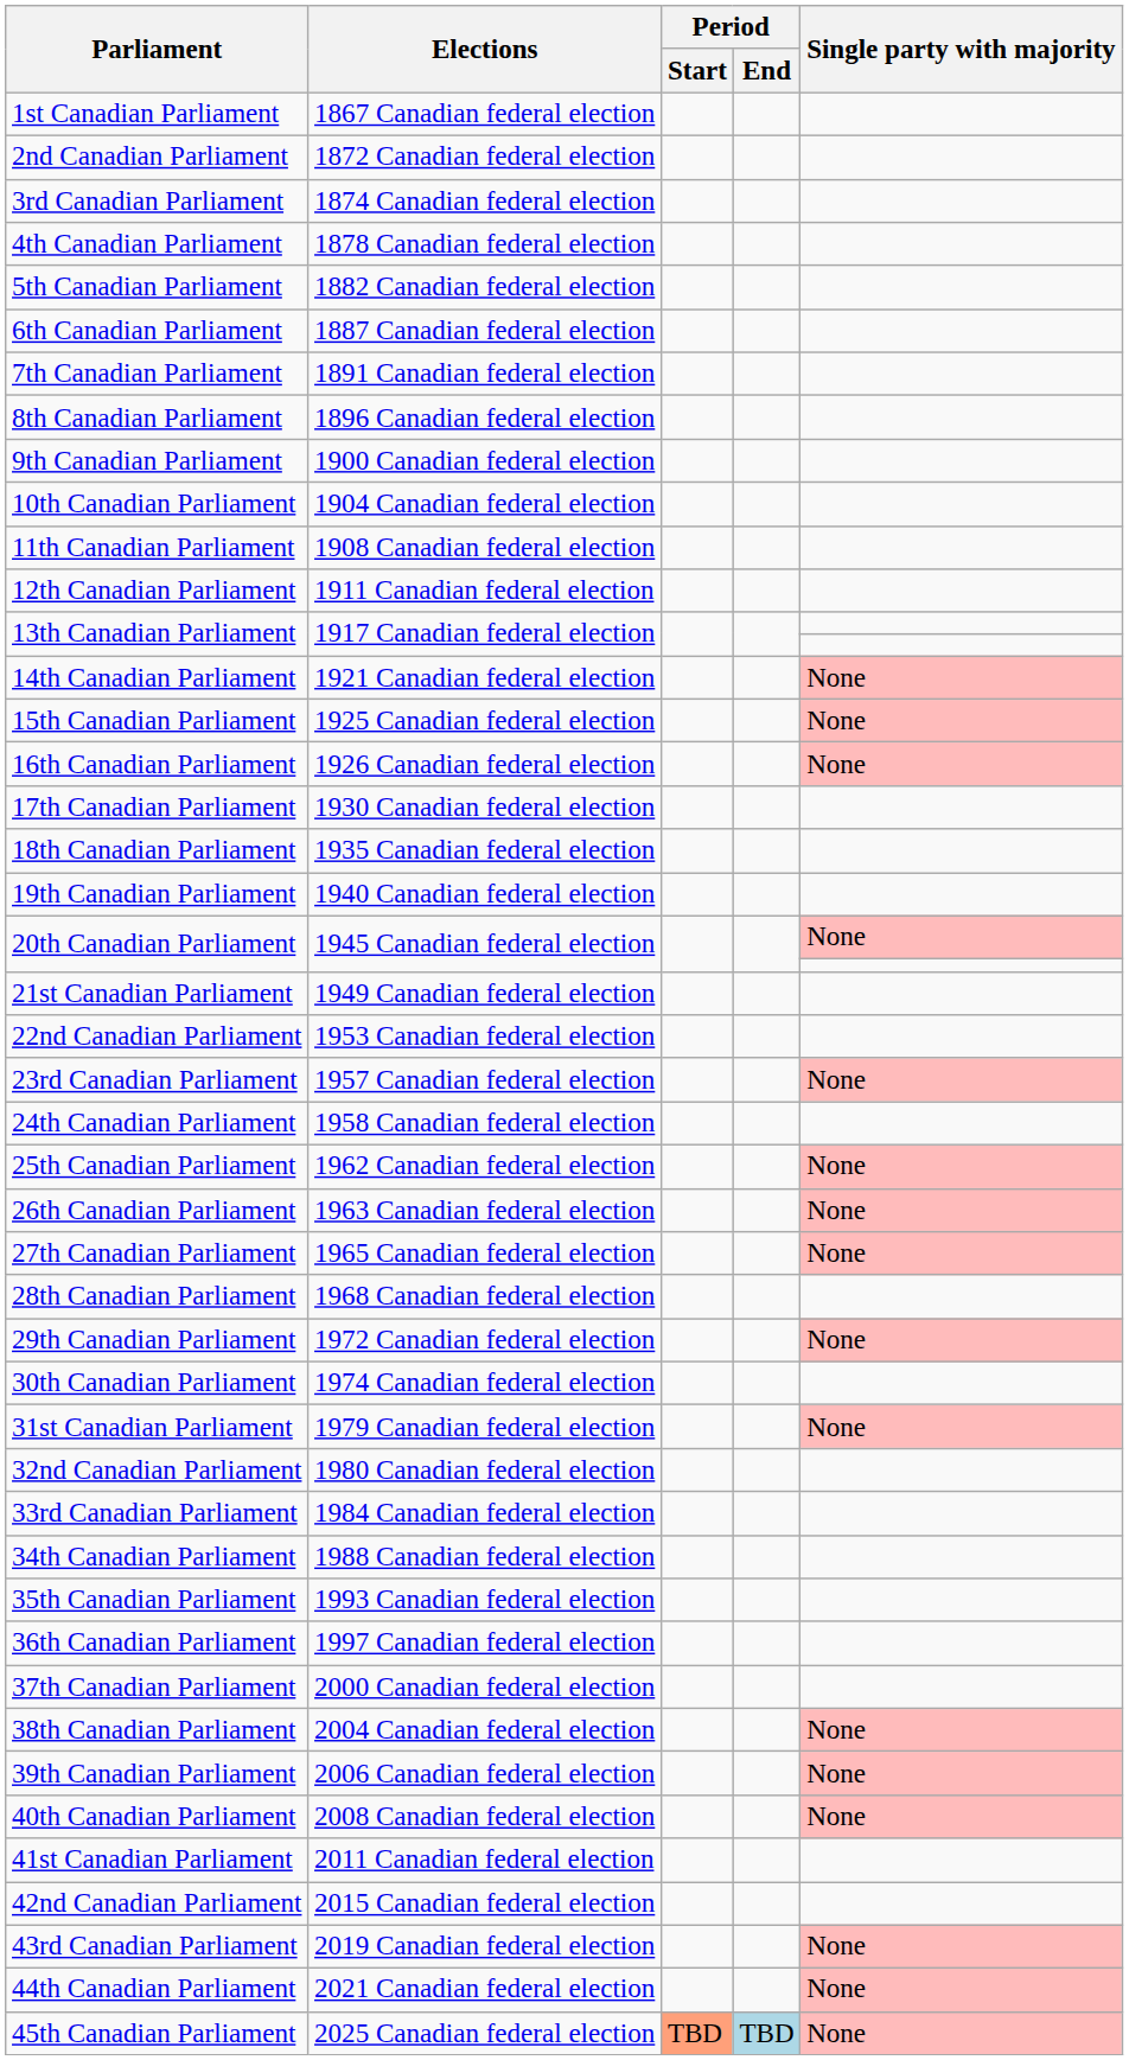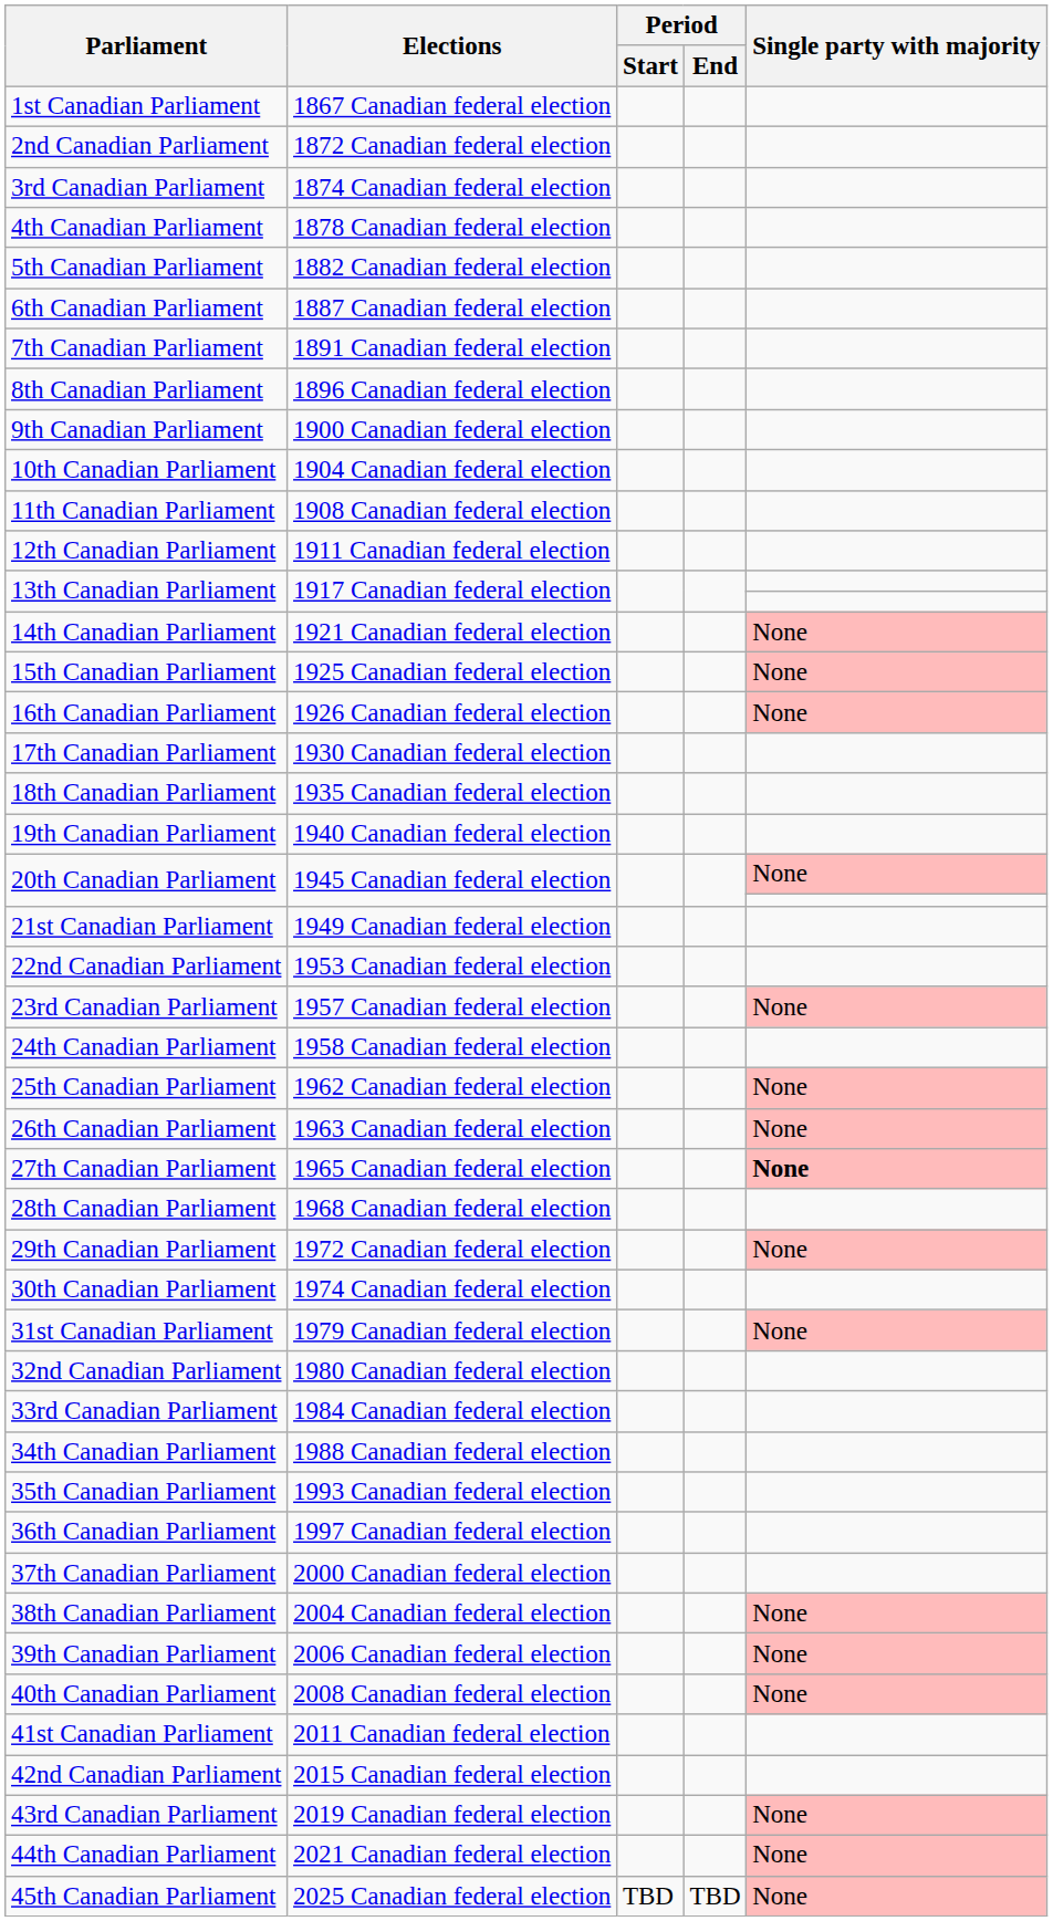 <table class = "wikitable mw-collapsible mw-collapsed">
 <tr>
 <th rowspan = "2">Parliament</th>
 <th rowspan = "2">Elections</th>
 <th colspan = "2">Period</th>
 <th rowspan = "2">Single party with majority</th>
 </tr>
 <tr>
 <th>Start</th>
 <th>End</th>
 </tr>
 <tr>
 <td><a href='#'>1st Canadian Parliament</a></td>
 <td><a href='#'>1867 Canadian federal election</a></td>
 <td></td>
 <td></td>
 <td style="background:"></td>
 </tr>
 <tr>
 <td><a href='#'>2nd Canadian Parliament</a></td>
 <td><a href='#'>1872 Canadian federal election</a></td>
 <td></td>
 <td></td>
 <td style="background:"></td>
 </tr>
 <tr>
 <td><a href='#'>3rd Canadian Parliament</a></td>
 <td><a href='#'>1874 Canadian federal election</a></td>
 <td></td>
 <td></td>
 <td style="background:"></td>
 </tr>
 <tr>
 <td><a href='#'>4th Canadian Parliament</a></td>
 <td><a href='#'>1878 Canadian federal election</a></td>
 <td></td>
 <td></td>
 <td style="background:"></td>
 </tr>
 <tr>
 <td><a href='#'>5th Canadian Parliament</a></td>
 <td><a href='#'>1882 Canadian federal election</a></td>
 <td></td>
 <td></td>
 <td style="background:"></td>
 </tr>
 <tr>
 <td><a href='#'>6th Canadian Parliament</a></td>
 <td><a href='#'>1887 Canadian federal election</a></td>
 <td></td>
 <td></td>
 <td style="background:"></td>
 </tr>
 <tr>
 <td><a href='#'>7th Canadian Parliament</a></td>
 <td><a href='#'>1891 Canadian federal election</a></td>
 <td></td>
 <td></td>
 <td style="background:"></td>
 </tr>
 <tr>
 <td><a href='#'>8th Canadian Parliament</a></td>
 <td><a href='#'>1896 Canadian federal election</a></td>
 <td></td>
 <td></td>
 <td style="background:"></td>
 </tr>
 <tr>
 <td><a href='#'>9th Canadian Parliament</a></td>
 <td><a href='#'>1900 Canadian federal election</a></td>
 <td></td>
 <td></td>
 <td style="background:"></td>
 </tr>
 <tr>
 <td><a href='#'>10th Canadian Parliament</a></td>
 <td><a href='#'>1904 Canadian federal election</a></td>
 <td></td>
 <td></td>
 <td style="background:"></td>
 </tr>
 <tr>
 <td><a href='#'>11th Canadian Parliament</a></td>
 <td><a href='#'>1908 Canadian federal election</a></td>
 <td></td>
 <td></td>
 <td style="background:"></td>
 </tr>
 <tr>
 <td><a href='#'>12th Canadian Parliament</a></td>
 <td><a href='#'>1911 Canadian federal election</a></td>
 <td></td>
 <td></td>
 <td style="background:"></td>
 </tr>
 <tr>
 <td rowspan=2><a href='#'>13th Canadian Parliament</a></td>
 <td rowspan=2><a href='#'>1917 Canadian federal election</a></td>
 <td rowspan=2></td>
 <td rowspan=2></td>
 <td style="background:"></td>
 </tr>
 <tr>
 <td style="background:"></td>
 </tr>
 <tr>
 <td><a href='#'>14th Canadian Parliament</a></td>
 <td><a href='#'>1921 Canadian federal election</a></td>
 <td></td>
 <td></td>
 <td style="background:#ffbbbb;">None</td>
 </tr>
 <tr>
 <td><a href='#'>15th Canadian Parliament</a></td>
 <td><a href='#'>1925 Canadian federal election</a></td>
 <td></td>
 <td></td>
 <td style="background:#ffbbbb;">None</td>
 </tr>
 <tr>
 <td><a href='#'>16th Canadian Parliament</a></td>
 <td><a href='#'>1926 Canadian federal election</a></td>
 <td></td>
 <td></td>
 <td style="background:#ffbbbb;">None</td>
 </tr>
 <tr>
 <td><a href='#'>17th Canadian Parliament</a></td>
 <td><a href='#'>1930 Canadian federal election</a></td>
 <td></td>
 <td></td>
 <td style="background:"></td>
 </tr>
 <tr>
 <td><a href='#'>18th Canadian Parliament</a></td>
 <td><a href='#'>1935 Canadian federal election</a></td>
 <td></td>
 <td></td>
 <td style="background:"></td>
 </tr>
 <tr>
 <td><a href='#'>19th Canadian Parliament</a></td>
 <td><a href='#'>1940 Canadian federal election</a></td>
 <td></td>
 <td></td>
 <td style="background:"></td>
 </tr>
 <tr>
 <td rowspan=2><a href='#'>20th Canadian Parliament</a></td>
 <td rowspan=2><a href='#'>1945 Canadian federal election</a></td>
 <td rowspan=2></td>
 <td rowspan=2></td>
 <td style="background:#ffbbbb;">None</td>
 </tr>
 <tr>
 <td style="background:"></td>
 </tr>
 <tr>
 <td><a href='#'>21st Canadian Parliament</a></td>
 <td><a href='#'>1949 Canadian federal election</a></td>
 <td></td>
 <td></td>
 <td style="background:"></td>
 </tr>
 <tr>
 <td><a href='#'>22nd Canadian Parliament</a></td>
 <td><a href='#'>1953 Canadian federal election</a></td>
 <td></td>
 <td></td>
 <td style="background:"></td>
 </tr>
 <tr>
 <td><a href='#'>23rd Canadian Parliament</a></td>
 <td><a href='#'>1957 Canadian federal election</a></td>
 <td></td>
 <td></td>
 <td style="background:#ffbbbb;">None</td>
 </tr>
 <tr>
 <td><a href='#'>24th Canadian Parliament</a></td>
 <td><a href='#'>1958 Canadian federal election</a></td>
 <td></td>
 <td></td>
 <td style="background:"></td>
 </tr>
 <tr>
 <td><a href='#'>25th Canadian Parliament</a></td>
 <td><a href='#'>1962 Canadian federal election</a></td>
 <td></td>
 <td></td>
 <td style="background:#ffbbbb;">None</td>
 </tr>
 <tr>
 <td><a href='#'>26th Canadian Parliament</a></td>
 <td><a href='#'>1963 Canadian federal election</a></td>
 <td></td>
 <td></td>
 <td style="background:#ffbbbb;">None</td>
 </tr>
 <tr>
 <td><a href='#'>27th Canadian Parliament</a></td>
 <td><a href='#'>1965 Canadian federal election</a></td>
 <td></td>
 <td></td>
-<td style="background:#ffbbbb;">None</td>
+<td style="background:#ffbbbb;"><strong>None</strong></td>
 </tr>
 <tr>
 <td><a href='#'>28th Canadian Parliament</a></td>
 <td><a href='#'>1968 Canadian federal election</a></td>
 <td></td>
 <td></td>
 <td style="background:"></td>
 </tr>
 <tr>
 <td><a href='#'>29th Canadian Parliament</a></td>
 <td><a href='#'>1972 Canadian federal election</a></td>
 <td></td>
 <td></td>
 <td style="background:#ffbbbb;">None</td>
 </tr>
 <tr>
 <td><a href='#'>30th Canadian Parliament</a></td>
 <td><a href='#'>1974 Canadian federal election</a></td>
 <td></td>
 <td></td>
 <td style="background:"></td>
 </tr>
 <tr>
 <td><a href='#'>31st Canadian Parliament</a></td>
 <td><a href='#'>1979 Canadian federal election</a></td>
 <td></td>
 <td></td>
 <td style="background:#ffbbbb;">None</td>
 </tr>
 <tr>
 <td><a href='#'>32nd Canadian Parliament</a></td>
 <td><a href='#'>1980 Canadian federal election</a></td>
 <td></td>
 <td></td>
 <td style="background:"></td>
 </tr>
 <tr>
 <td><a href='#'>33rd Canadian Parliament</a></td>
 <td><a href='#'>1984 Canadian federal election</a></td>
 <td></td>
 <td></td>
 <td style="background:"></td>
 </tr>
 <tr>
 <td><a href='#'>34th Canadian Parliament</a></td>
 <td><a href='#'>1988 Canadian federal election</a></td>
 <td></td>
 <td></td>
 <td style="background:"></td>
 </tr>
 <tr>
 <td><a href='#'>35th Canadian Parliament</a></td>
 <td><a href='#'>1993 Canadian federal election</a></td>
 <td></td>
 <td></td>
 <td style="background:"></td>
 </tr>
 <tr>
 <td><a href='#'>36th Canadian Parliament</a></td>
 <td><a href='#'>1997 Canadian federal election</a></td>
 <td></td>
 <td></td>
 <td style="background:"></td>
 </tr>
 <tr>
 <td><a href='#'>37th Canadian Parliament</a></td>
 <td><a href='#'>2000 Canadian federal election</a></td>
 <td></td>
 <td></td>
 <td style="background:"></td>
 </tr>
 <tr>
 <td><a href='#'>38th Canadian Parliament</a></td>
 <td><a href='#'>2004 Canadian federal election</a></td>
 <td></td>
 <td></td>
 <td style="background:#ffbbbb;">None</td>
 </tr>
 <tr>
 <td><a href='#'>39th Canadian Parliament</a></td>
 <td><a href='#'>2006 Canadian federal election</a></td>
 <td></td>
 <td></td>
 <td style="background:#ffbbbb;">None</td>
 </tr>
 <tr>
 <td><a href='#'>40th Canadian Parliament</a></td>
 <td><a href='#'>2008 Canadian federal election</a></td>
 <td></td>
 <td></td>
 <td style="background:#ffbbbb;">None</td>
 </tr>
 <tr>
 <td><a href='#'>41st Canadian Parliament</a></td>
 <td><a href='#'>2011 Canadian federal election</a></td>
 <td></td>
 <td></td>
 <td style="background:"></td>
 </tr>
 <tr>
 <td><a href='#'>42nd Canadian Parliament</a></td>
 <td><a href='#'>2015 Canadian federal election</a></td>
 <td></td>
 <td></td>
 <td style="background:"></td>
 </tr>
 <tr>
 <td><a href='#'>43rd Canadian Parliament</a></td>
 <td><a href='#'>2019 Canadian federal election</a></td>
 <td></td>
 <td></td>
 <td style="background:#ffbbbb;">None</td>
 </tr>
 <tr>
 <td><a href='#'>44th Canadian Parliament</a></td>
 <td><a href='#'>2021 Canadian federal election</a></td>
 <td></td>
 <td></td>
 <td style="background:#ffbbbb;">None</td>
 </tr>
 <tr>
 <td><a href='#'>45th Canadian Parliament</a></td>
 <td><a href='#'>2025 Canadian federal election</a></td>
-<td style="background: lightsalmon;">TBD</td>
-<td style="background: lightblue;">TBD</td>
+<td>TBD</td>
+<td>TBD</td>
 <td style="background:#ffbbbb;">None</td>
 </tr>
 </table>
